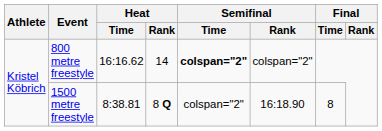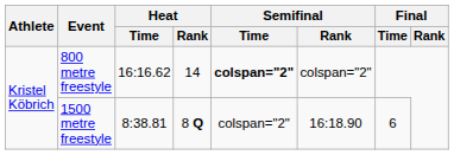 <table class="wikitable" style="text-align:center; font-size:90%; width:50%;">
 <tr>
 <th rowspan="2">Athlete</th>
 <th rowspan="2">Event</th>
 <th colspan="2">Heat</th>
 <th colspan="2">Semifinal</th>
 <th colspan="2">Final</th>
 </tr>
 <tr style="font-size:95%">
 <th>Time</th>
 <th>Rank</th>
 <th>Time</th>
 <th>Rank</th>
 <th>Time</th>
 <th>Rank</th>
 </tr>
 <tr>
 <td align=left rowspan=2><a href='#'>Kristel Köbrich</a></td>
 <td align=left><a href='#'>800 metre freestyle</a></td>
 <td>16:16.62</td>
 <td>14</td>
 <td><strong>colspan="2" </strong></td>
 <td>colspan="2" </td>
 </tr>
 <tr>
 <td align=left><a href='#'>1500 metre freestyle</a></td>
 <td>8:38.81</td>
 <td>8 <strong>Q</strong></td>
 <td>colspan="2" </td>
 <td>16:18.90</td>
-<td>8</td>
+<td>6</td>
 </tr>
 </table>
